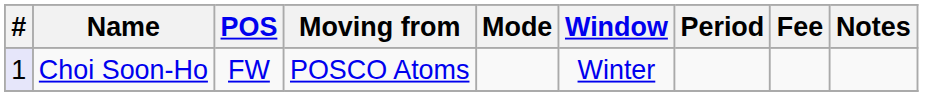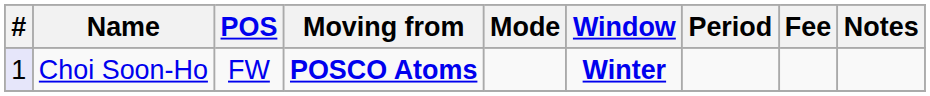 <table class="wikitable sortable" style="text-align: center; font-size:90%;">
 <tr>
 <th>#</th>
 <th>Name</th>
 <th><a href='#'>POS</a></th>
 <th>Moving from</th>
 <th>Mode</th>
 <th><a href='#'>Window</a></th>
 <th>Period</th>
 <th>Fee</th>
 <th>Notes</th>
 </tr>
 <tr>
 <td style="background: lavender;">1</td>
 <td align=left> <a href='#'>Choi Soon-Ho</a></td>
 <td><a href='#'>FW</a></td>
-<td align=left> <a href='#'>POSCO Atoms</a></td>
+<td align=left><strong> <a href='#'>POSCO Atoms</a></strong></td>
 <td></td>
-<td><a href='#'>Winter</a></td>
+<td><strong><a href='#'>Winter</a></strong></td>
 <td></td>
 <td></td>
 <td></td>
 </tr>
 <tr>
 </tr>
 </table>
